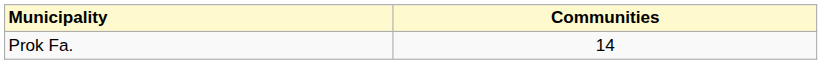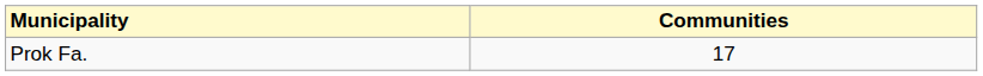 <table class="wikitable" style="width:48%; display:inline-table;">
 <tr>
 <td style= "background: #fffacd;"><strong>Municipality</strong></td>
 <td style= "background: #fffacd; text-align:center;"><strong>Communities</strong></td>
 </tr>
 <tr>
 <td>Prok Fa.</td>
-<td style="text-align:center;">14</td>
+<td style="text-align:center;">17</td>
 </tr>
 </table>
